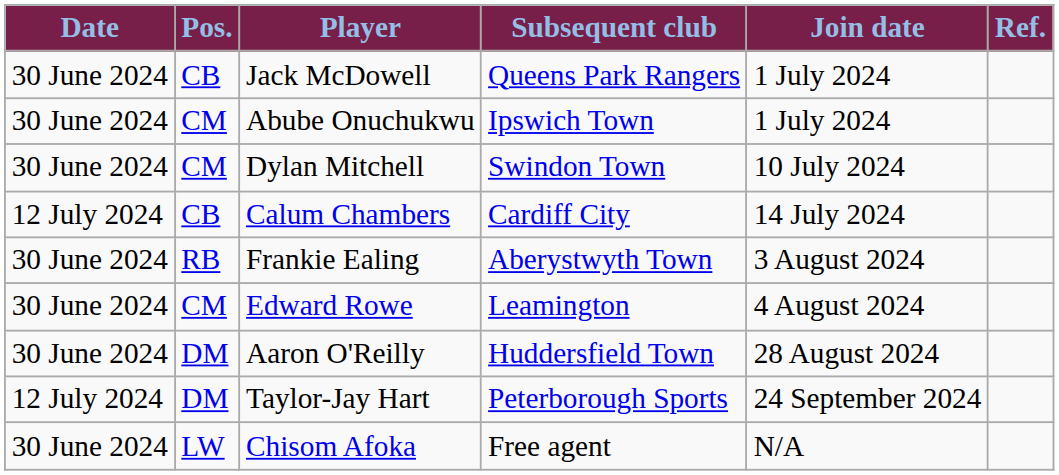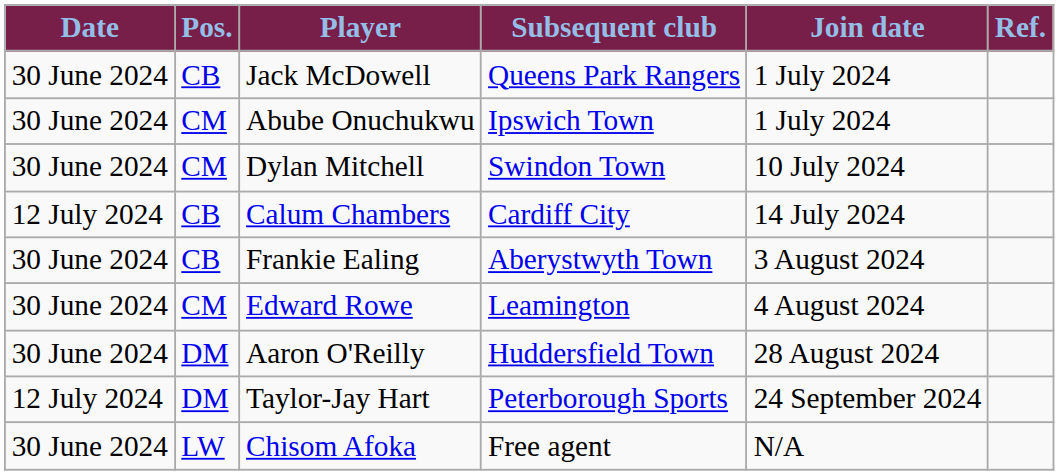 <table class="wikitable plainrowheaders sortable">
 <tr>
 <th style="background:#771F48; color:#94BEE5; ">Date</th>
 <th style="background:#771F48; color:#94BEE5; ">Pos.</th>
 <th style="background:#771F48; color:#94BEE5; ">Player</th>
 <th style="background:#771F48; color:#94BEE5; ">Subsequent club</th>
 <th style="background:#771F48; color:#94BEE5; ">Join date</th>
 <th style="background:#771F48; color:#94BEE5; ">Ref.</th>
 </tr>
 <tr>
 <td>30 June 2024</td>
 <td><a href='#'>CB</a></td>
 <td> Jack McDowell</td>
 <td> <a href='#'>Queens Park Rangers</a></td>
 <td>1 July 2024</td>
 <td></td>
 </tr>
 <tr>
 <td>30 June 2024</td>
 <td><a href='#'>CM</a></td>
 <td> Abube Onuchukwu</td>
 <td> <a href='#'>Ipswich Town</a></td>
 <td>1 July 2024</td>
 <td></td>
 </tr>
 <tr>
 <td>30 June 2024</td>
 <td><a href='#'>CM</a></td>
 <td> Dylan Mitchell</td>
 <td> <a href='#'>Swindon Town</a></td>
 <td>10 July 2024</td>
 <td></td>
 </tr>
 <tr>
 <td>12 July 2024</td>
 <td><a href='#'>CB</a></td>
 <td> <a href='#'>Calum Chambers</a></td>
 <td> <a href='#'>Cardiff City</a></td>
 <td>14 July 2024</td>
 <td></td>
 </tr>
 <tr>
 <td>30 June 2024</td>
-<td><a href='#'>RB</a></td>
+<td><a href='#'>CB</a></td>
 <td> Frankie Ealing</td>
 <td> <a href='#'>Aberystwyth Town</a></td>
 <td>3 August 2024</td>
 <td></td>
 </tr>
 <tr>
 <td>30 June 2024</td>
 <td><a href='#'>CM</a></td>
 <td> <a href='#'>Edward Rowe</a></td>
 <td> <a href='#'>Leamington</a></td>
 <td>4 August 2024</td>
 <td></td>
 </tr>
 <tr>
 <td>30 June 2024</td>
 <td><a href='#'>DM</a></td>
 <td> Aaron O'Reilly</td>
 <td> <a href='#'>Huddersfield Town</a></td>
 <td>28 August 2024</td>
 <td></td>
 </tr>
 <tr>
 <td>12 July 2024</td>
 <td><a href='#'>DM</a></td>
 <td> Taylor-Jay Hart</td>
 <td> <a href='#'>Peterborough Sports</a></td>
 <td>24 September 2024</td>
 <td></td>
 </tr>
 <tr>
 <td>30 June 2024</td>
 <td><a href='#'>LW</a></td>
 <td> <a href='#'>Chisom Afoka</a></td>
 <td>Free agent</td>
 <td>N/A</td>
 <td></td>
 </tr>
 </table>
